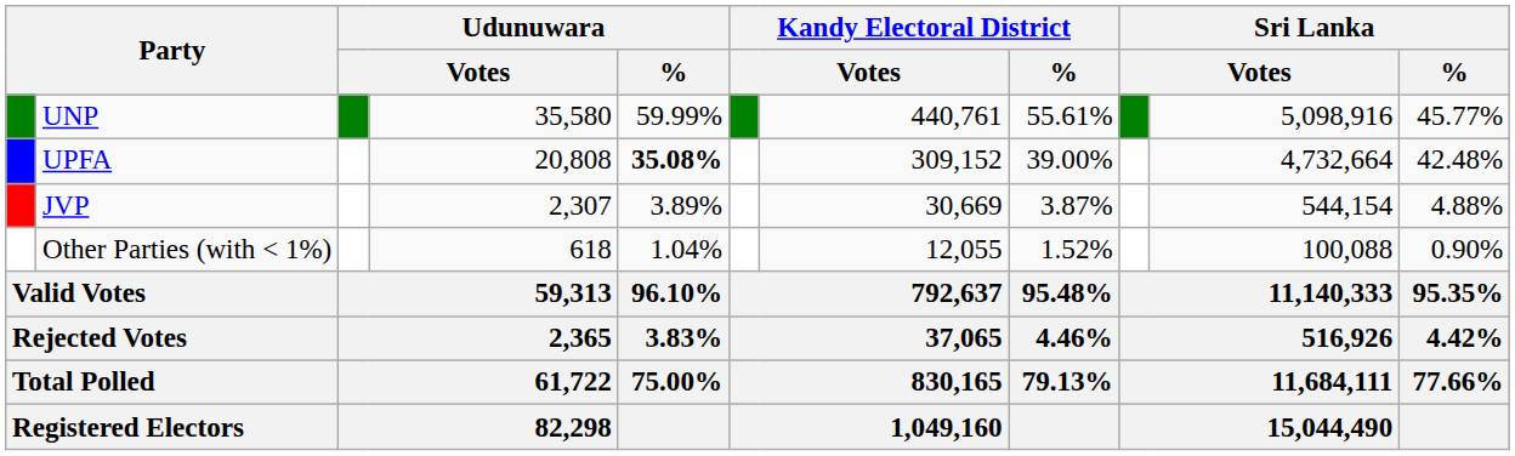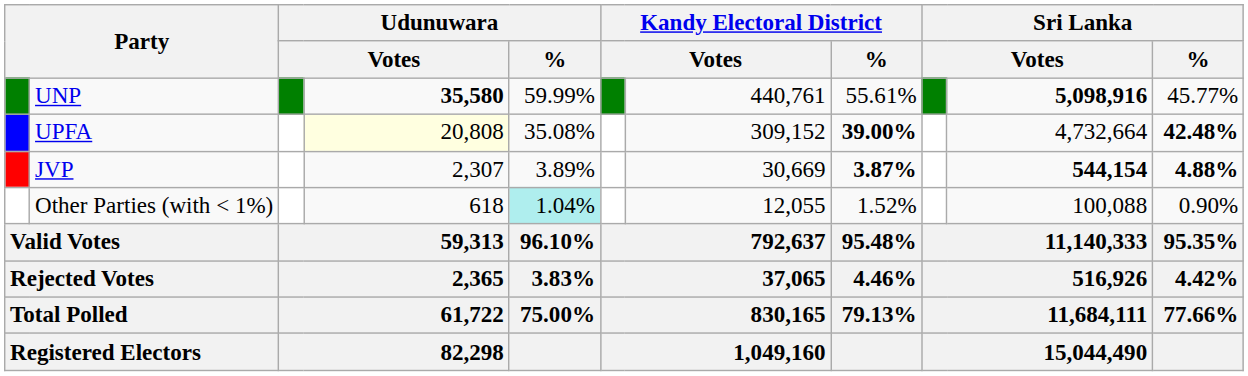 <table class="wikitable">
 <tr>
 <th colspan="2" width="144px"rowspan="2">Party</th>
 <th colspan="3" width="216px">Udunuwara</th>
 <th colspan="3" width="216px"><a href='#'>Kandy Electoral District</a></th>
 <th colspan="3" width="216px">Sri Lanka</th>
 </tr>
 <tr>
 <th colspan="2" width="144px">Votes</th>
 <th>%</th>
 <th colspan="2" width="144px">Votes</th>
 <th>%</th>
 <th colspan="2" width="144px">Votes</th>
 <th>%</th>
 </tr>
 <tr>
 <td style="background-color:green;" width="10px"></td>
 <td style="text-align:left;"><a href='#'>UNP</a></td>
 <td style="background-color:green;" width="10px"></td>
-<td style="text-align:right;">35,580</td>
+<td style="text-align:right;"><strong>35,580</strong></td>
 <td style="text-align:right;">59.99%</td>
 <td style="background-color:green;" width="10px"></td>
 <td style="text-align:right;">440,761</td>
 <td style="text-align:right;">55.61%</td>
 <td style="background-color:green;" width="10px"></td>
-<td style="text-align:right;">5,098,916</td>
+<td style="text-align:right;"><strong>5,098,916</strong></td>
 <td style="text-align:right;">45.77%</td>
 </tr>
 <tr>
 <td style="background-color:blue;" width="10px"></td>
 <td style="text-align:left;"><a href='#'>UPFA</a></td>
 <td style="background-color:white;" width="10px"></td>
-<td style="text-align:right;">20,808</td>
-<td style="text-align:right;"><strong>35.08%</strong></td>
+<td style="background: lightyellow; text-align:right;">20,808</td>
+<td style="text-align:right;">35.08%</td>
 <td style="background-color:white;" width="10px"></td>
 <td style="text-align:right;">309,152</td>
-<td style="text-align:right;">39.00%</td>
+<td style="text-align:right;"><strong>39.00%</strong></td>
 <td style="background-color:white;" width="10px"></td>
 <td style="text-align:right;">4,732,664</td>
-<td style="text-align:right;">42.48%</td>
+<td style="text-align:right;"><strong>42.48%</strong></td>
 </tr>
 <tr>
 <td style="background-color:red;" width="10px"></td>
 <td style="text-align:left;"><a href='#'>JVP</a></td>
 <td style="background-color:white;" width="10px"></td>
 <td style="text-align:right;">2,307</td>
 <td style="text-align:right;">3.89%</td>
 <td style="background-color:white;" width="10px"></td>
 <td style="text-align:right;">30,669</td>
-<td style="text-align:right;">3.87%</td>
+<td style="text-align:right;"><strong>3.87%</strong></td>
 <td style="background-color:white;" width="10px"></td>
-<td style="text-align:right;">544,154</td>
-<td style="text-align:right;">4.88%</td>
+<td style="text-align:right;"><strong>544,154</strong></td>
+<td style="text-align:right;"><strong>4.88%</strong></td>
 </tr>
 <tr>
 <td style="background-color:white;" width="10px"></td>
 <td style="text-align:left;">Other Parties (with < 1%)</td>
 <td style="background-color:white;" width="10px"></td>
 <td style="text-align:right;">618</td>
-<td style="text-align:right;">1.04%</td>
+<td style="background: paleturquoise; text-align:right;">1.04%</td>
 <td style="background-color:white;" width="10px"></td>
 <td style="text-align:right;">12,055</td>
 <td style="text-align:right;">1.52%</td>
 <td style="background-color:white;" width="10px"></td>
 <td style="text-align:right;">100,088</td>
 <td style="text-align:right;">0.90%</td>
 </tr>
 <tr>
 <th colspan="2" width="144px"style="text-align:left;">Valid Votes</th>
 <th style="text-align:right;"colspan="2" width="144px">59,313</th>
 <th style="text-align:right;">96.10%</th>
 <th style="text-align:right;"colspan="2" width="144px">792,637</th>
 <th style="text-align:right;">95.48%</th>
 <th style="text-align:right;"colspan="2" width="144px">11,140,333</th>
 <th style="text-align:right;">95.35%</th>
 </tr>
 <tr>
 <th colspan="2" width="144px"style="text-align:left;">Rejected Votes</th>
 <th style="text-align:right;"colspan="2" width="144px">2,365</th>
 <th style="text-align:right;">3.83%</th>
 <th style="text-align:right;"colspan="2" width="144px">37,065</th>
 <th style="text-align:right;">4.46%</th>
 <th style="text-align:right;"colspan="2" width="144px">516,926</th>
 <th style="text-align:right;">4.42%</th>
 </tr>
 <tr>
 <th colspan="2" width="144px"style="text-align:left;">Total Polled</th>
 <th style="text-align:right;"colspan="2" width="144px">61,722</th>
 <th style="text-align:right;">75.00%</th>
 <th style="text-align:right;"colspan="2" width="144px">830,165</th>
 <th style="text-align:right;">79.13%</th>
 <th style="text-align:right;"colspan="2" width="144px">11,684,111</th>
 <th style="text-align:right;">77.66%</th>
 </tr>
 <tr>
 <th colspan="2" width="144px"style="text-align:left;">Registered Electors</th>
 <th style="text-align:right;"colspan="2" width="144px">82,298</th>
 <th></th>
 <th style="text-align:right;"colspan="2" width="144px">1,049,160</th>
 <th></th>
 <th style="text-align:right;"colspan="2" width="144px">15,044,490</th>
 <th></th>
 </tr>
 </table>
